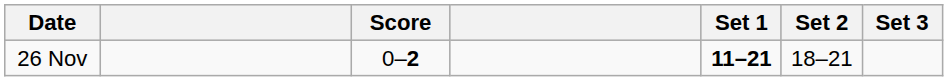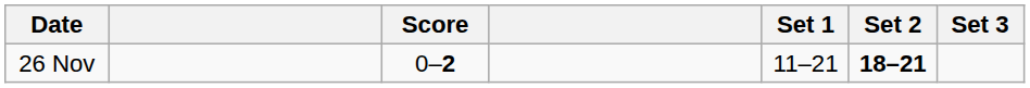 <table class="wikitable" style="text-align: center; font-size:90% ">
 <tr>
 <th width="60">Date</th>
 <th align="right" width="190"></th>
 <th width="60">Score</th>
 <th align="left" width="190"></th>
 <th width="50">Set 1</th>
 <th width="50">Set 2</th>
 <th width="50">Set 3</th>
 </tr>
 <tr>
 <td>26 Nov</td>
 <td align=right></td>
 <td align=center>0–<strong>2</strong></td>
 <td align=left><strong></strong></td>
-<td><strong>11–21</strong></td>
-<td>18–21</td>
+<td>11–21</td>
+<td><strong>18–21</strong></td>
 </tr>
 </table>
